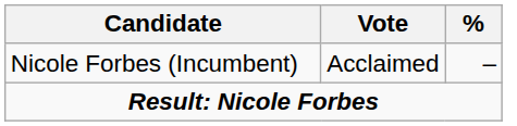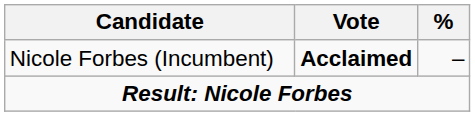 <table class="wikitable">
 <tr>
 <th bgcolor="#DDDDFF" width="200px">Candidate</th>
 <th bgcolor="#DDDDFF" width="50px">Vote</th>
 <th bgcolor="#DDDDFF"  width="30px">%</th>
 </tr>
 <tr>
 <td>Nicole Forbes (Incumbent)</td>
-<td align="right">Acclaimed</td>
+<td align="right"><strong>Acclaimed</strong></td>
 <td align="right">–</td>
 </tr>
 <tr>
 <td colspan=5 align="center"><strong><em>Result: Nicole Forbes</em></strong></td>
 </tr>
 </table>
